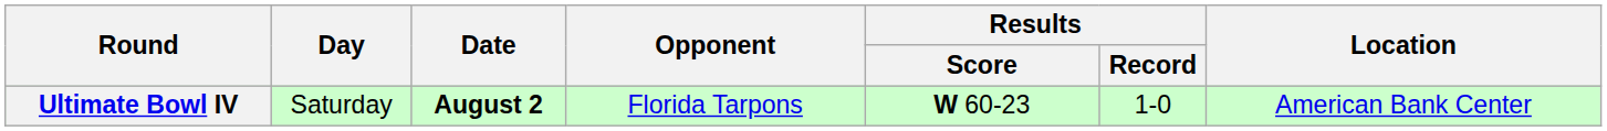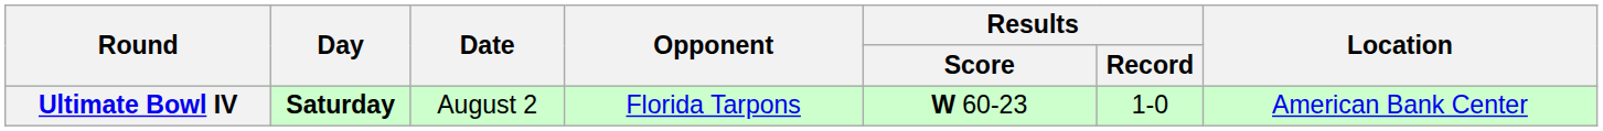 <table class="wikitable">
 <tr>
 <th rowspan="2" width="160">Round</th>
 <th rowspan="2" width="80">Day</th>
 <th rowspan="2" width="90">Date</th>
 <th rowspan="2" width="180">Opponent</th>
 <th colspan="2" width="200">Results</th>
 <th rowspan="2" width="240">Location</th>
 </tr>
 <tr>
 <th width="140">Score</th>
 <th width="60">Record</th>
 </tr>
 <tr align="center" bgcolor="#CCFFCC">
 <th><a href='#'>Ultimate Bowl</a> IV</th>
-<td>Saturday</td>
-<td><strong>August 2</strong></td>
+<td><strong>Saturday</strong></td>
+<td>August 2</td>
 <td><a href='#'>Florida Tarpons</a></td>
 <td><strong>W</strong> 60-23</td>
 <td>1-0</td>
 <td><a href='#'>American Bank Center</a></td>
 </tr>
 </table>
